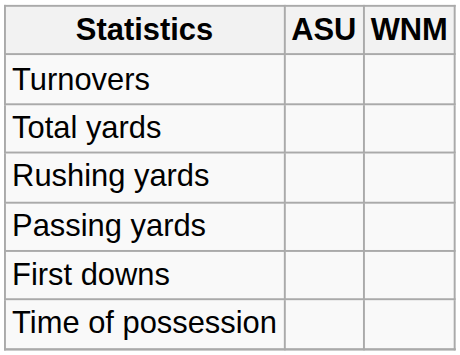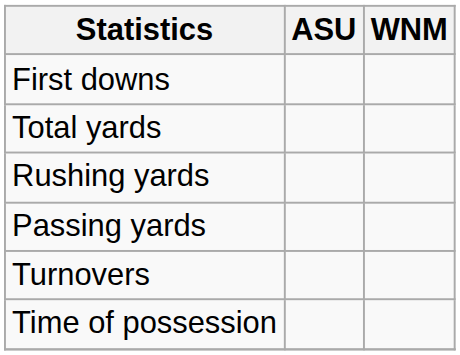 <table class="wikitable" style="float: left;">
 <tr>
 <th>Statistics</th>
 <th>ASU</th>
 <th>WNM</th>
 </tr>
 <tr>
-<td>Turnovers</td>
+<td>First downs</td>
 <td></td>
 <td></td>
 </tr>
 <tr>
 <td>Total yards</td>
 <td></td>
 <td></td>
 </tr>
 <tr>
 <td>Rushing yards</td>
 <td></td>
 <td></td>
 </tr>
 <tr>
 <td>Passing yards</td>
 <td></td>
 <td></td>
 </tr>
 <tr>
-<td>First downs</td>
+<td>Turnovers</td>
 <td></td>
 <td></td>
 </tr>
 <tr>
 <td>Time of possession</td>
 <td></td>
 <td></td>
 </tr>
 <tr>
 </tr>
 </table>
